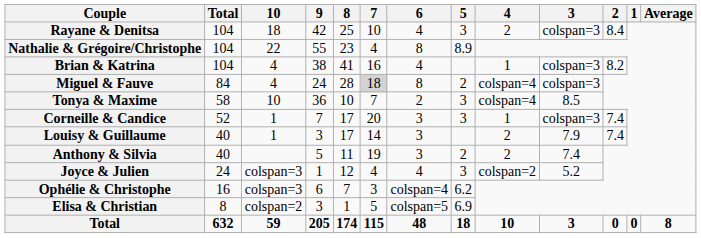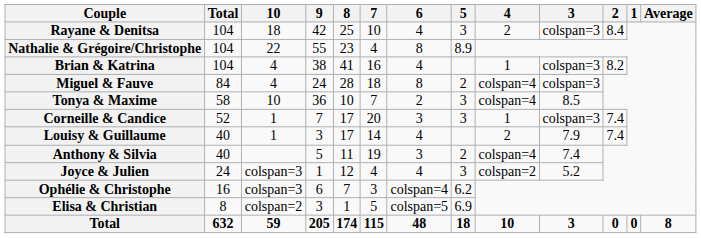 <table class="wikitable sortable collapsible" style="margin:auto; font-size:95%; line-height:12px; text-align:center">
 <tr>
 <th>Couple</th>
 <th>Total</th>
 <th>10</th>
 <th>9</th>
 <th>8</th>
 <th>7</th>
 <th>6</th>
 <th>5</th>
 <th>4</th>
 <th>3</th>
 <th>2</th>
 <th>1</th>
 <th>Average</th>
 </tr>
 <tr>
 <th>Rayane & Denitsa</th>
 <td>104</td>
 <td>18</td>
 <td>42</td>
 <td>25</td>
 <td>10</td>
 <td>4</td>
 <td>3</td>
 <td>2</td>
 <td>colspan=3 </td>
 <td>8.4</td>
 </tr>
 <tr>
 <th>Nathalie & Grégoire/Christophe</th>
 <td>104</td>
 <td>22</td>
 <td>55</td>
 <td>23</td>
 <td>4</td>
 <td>8</td>
 <td>8.9</td>
 </tr>
 <tr>
 <th>Brian & Katrina</th>
 <td>104</td>
 <td>4</td>
 <td>38</td>
 <td>41</td>
 <td>16</td>
 <td>4</td>
 <td></td>
 <td>1</td>
 <td>colspan=3 </td>
 <td>8.2</td>
 </tr>
 <tr>
 <th>Miguel & Fauve</th>
 <td>84</td>
 <td>4</td>
 <td>24</td>
 <td>28</td>
-<td style="background: lightgrey;">18</td>
+<td>18</td>
 <td>8</td>
 <td>2</td>
 <td>colspan=4 </td>
 <td>colspan=3 </td>
 </tr>
 <tr>
 <th>Tonya & Maxime</th>
 <td>58</td>
 <td>10</td>
 <td>36</td>
 <td>10</td>
 <td>7</td>
 <td>2</td>
 <td>3</td>
 <td>colspan=4 </td>
 <td>8.5</td>
 </tr>
 <tr>
 <th>Corneille & Candice</th>
 <td>52</td>
 <td>1</td>
 <td>7</td>
 <td>17</td>
 <td>20</td>
 <td>3</td>
 <td>3</td>
 <td>1</td>
 <td>colspan=3 </td>
 <td>7.4</td>
 </tr>
 <tr>
 <th>Louisy & Guillaume</th>
 <td>40</td>
 <td>1</td>
 <td>3</td>
 <td>17</td>
 <td>14</td>
-<td>3</td>
+<td>4</td>
 <td></td>
 <td>2</td>
 <td>7.9</td>
 <td>7.4</td>
 </tr>
 <tr>
 <th>Anthony & Silvia</th>
 <td>40</td>
 <td></td>
 <td>5</td>
 <td>11</td>
 <td>19</td>
 <td>3</td>
 <td>2</td>
-<td>2</td>
+<td>colspan=4 </td>
 <td>7.4</td>
 </tr>
 <tr>
 <th>Joyce & Julien</th>
 <td>24</td>
 <td>colspan=3 </td>
 <td>1</td>
 <td>12</td>
 <td>4</td>
 <td>4</td>
 <td>3</td>
 <td>colspan=2 </td>
 <td>5.2</td>
 </tr>
 <tr>
 <th>Ophélie & Christophe</th>
 <td>16</td>
 <td>colspan=3 </td>
 <td>6</td>
 <td>7</td>
 <td>3</td>
 <td>colspan=4 </td>
 <td>6.2</td>
 </tr>
 <tr>
 <th>Elisa & Christian</th>
 <td>8</td>
 <td>colspan=2 </td>
 <td>3</td>
 <td>1</td>
 <td>5</td>
 <td>colspan=5 </td>
 <td>6.9</td>
 </tr>
 <tr>
 <th>Total</th>
 <td><strong>632</strong></td>
 <td><strong>59</strong></td>
 <td><strong>205</strong></td>
 <td><strong>174</strong></td>
 <td><strong>115</strong></td>
 <td><strong>48</strong></td>
 <td><strong>18</strong></td>
 <td><strong>10</strong></td>
 <td><strong>3</strong></td>
 <td><strong>0</strong></td>
 <td><strong>0</strong></td>
 <td><strong>8</strong></td>
 </tr>
 </table>
